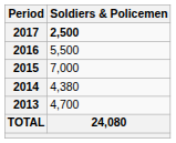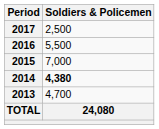 <table class="wikitable" align="center" style="margin:0 1em 0.5em 0;">
 <tr>
 <th>Period</th>
 <th>Soldiers & Policemen</th>
 </tr>
 <tr>
 <th>2017</th>
-<td><strong>2,500</strong></td>
+<td>2,500</td>
 </tr>
 <tr>
 <th>2016</th>
 <td>5,500</td>
 </tr>
 <tr>
 <th>2015</th>
 <td>7,000</td>
 </tr>
 <tr>
 <th>2014</th>
-<td>4,380</td>
+<td><strong>4,380</strong></td>
 </tr>
 <tr>
 <th>2013</th>
 <td>4,700</td>
 </tr>
 <tr>
 <th><span>TOTAL</span></th>
 <th>24,080</th>
 </tr>
 <tr>
 <th colspan="5"></th>
 </tr>
 </table>
